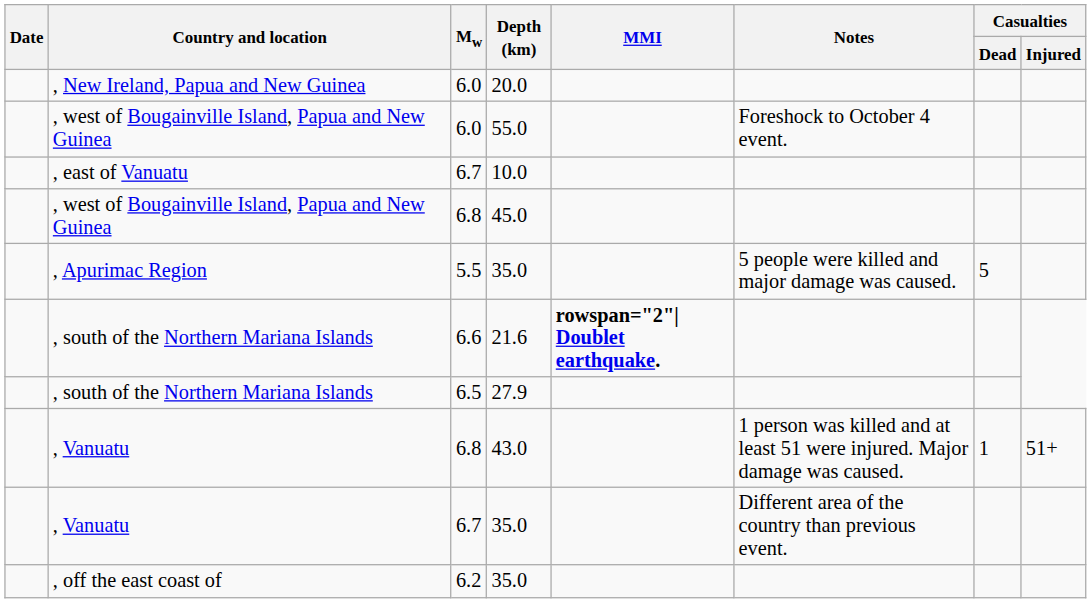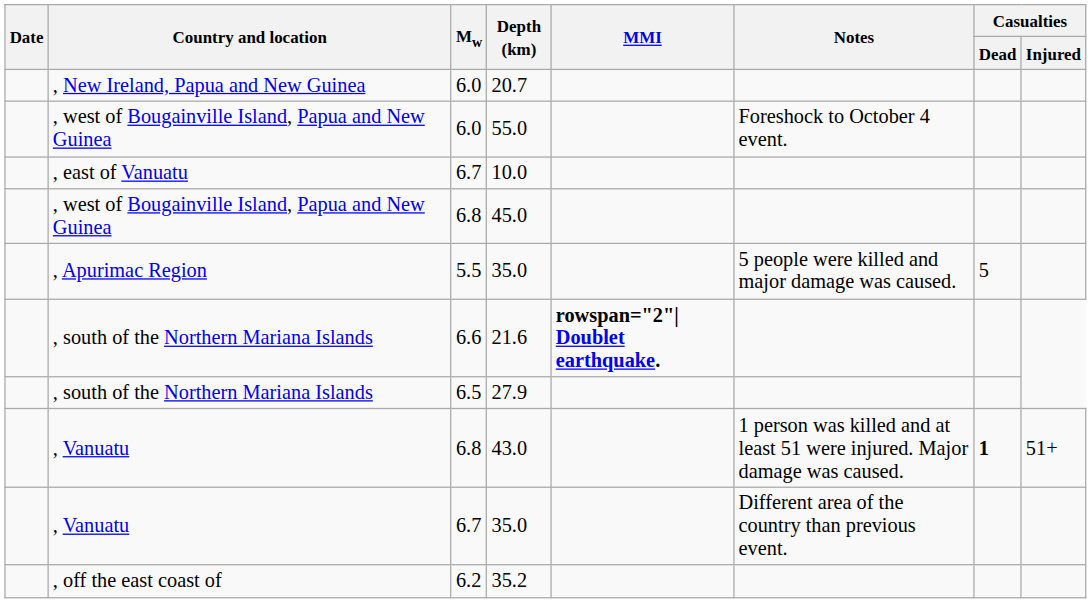 <table class="wikitable sortable sort-under" style="border:1px black; margin-left:1em;">
 <tr>
 <th rowspan="2"><small>Date</small></th>
 <th rowspan="2" style="width: 310px"><small>Country and location</small></th>
 <th rowspan="2"><small>M<sub>w</sub></small></th>
 <th rowspan="2"><small>Depth (km)</small></th>
 <th rowspan="2"><small><a href='#'>MMI</a></small></th>
 <th rowspan="2" class="unsortable"><small>Notes</small></th>
 <th colspan="2"><small>Casualties</small></th>
 </tr>
 <tr>
 <th><small>Dead</small></th>
 <th><small>Injured</small></th>
 </tr>
 <tr>
 <td></td>
 <td>, <a href='#'>New Ireland, Papua and New Guinea</a></td>
 <td>6.0</td>
-<td>20.0</td>
+<td>20.7</td>
 <td></td>
 <td></td>
 <td></td>
 <td></td>
 </tr>
 <tr>
 <td></td>
 <td>, west of <a href='#'>Bougainville Island</a>, <a href='#'>Papua and New Guinea</a></td>
 <td>6.0</td>
 <td>55.0</td>
 <td></td>
 <td>Foreshock to October 4 event.</td>
 <td></td>
 <td></td>
 </tr>
 <tr>
 <td></td>
 <td>, east of <a href='#'>Vanuatu</a></td>
 <td>6.7</td>
 <td>10.0</td>
 <td></td>
 <td></td>
 <td></td>
 <td></td>
 </tr>
 <tr>
 <td></td>
 <td>, west of <a href='#'>Bougainville Island</a>, <a href='#'>Papua and New Guinea</a></td>
 <td>6.8</td>
 <td>45.0</td>
 <td></td>
 <td></td>
 <td></td>
 <td></td>
 </tr>
 <tr>
 <td></td>
 <td>, <a href='#'>Apurimac Region</a></td>
 <td>5.5</td>
 <td>35.0</td>
 <td></td>
 <td>5 people were killed and major damage was caused.</td>
 <td>5</td>
 <td></td>
 </tr>
 <tr>
 <td></td>
 <td>, south of the <a href='#'>Northern Mariana Islands</a></td>
 <td>6.6</td>
 <td>21.6</td>
 <td><strong>rowspan="2"| <a href='#'>Doublet earthquake</a>.</strong></td>
 <td></td>
 <td></td>
 </tr>
 <tr>
 <td></td>
 <td>, south of the <a href='#'>Northern Mariana Islands</a></td>
 <td>6.5</td>
 <td>27.9</td>
 <td></td>
 <td></td>
 <td></td>
 </tr>
 <tr>
 <td></td>
 <td>, <a href='#'>Vanuatu</a></td>
 <td>6.8</td>
 <td>43.0</td>
 <td></td>
 <td>1 person was killed and at least 51 were injured. Major damage was caused.</td>
-<td>1</td>
+<td><strong>1</strong></td>
 <td>51+</td>
 </tr>
 <tr>
 <td></td>
 <td>, <a href='#'>Vanuatu</a></td>
 <td>6.7</td>
 <td>35.0</td>
 <td></td>
 <td>Different area of the country than previous event.</td>
 <td></td>
 <td></td>
 </tr>
 <tr>
 <td></td>
 <td>, off the east coast of</td>
 <td>6.2</td>
-<td>35.0</td>
+<td>35.2</td>
 <td></td>
 <td></td>
 <td></td>
 <td></td>
 </tr>
 </table>
